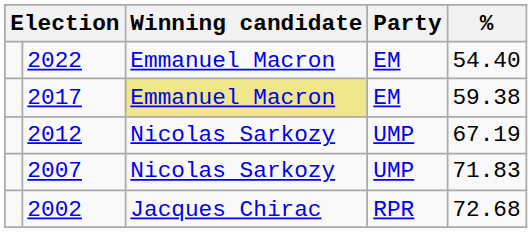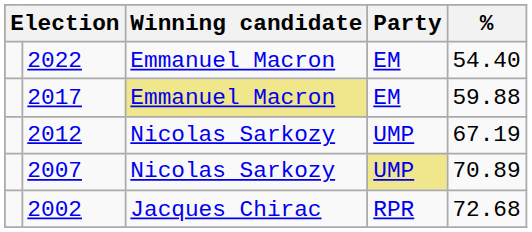 <table class="wikitable">
 <tr>
 <th colspan="2">Election</th>
 <th>Winning candidate</th>
 <th>Party</th>
 <th>%</th>
 </tr>
 <tr>
 <td style="background-color: "></td>
 <td><a href='#'>2022</a></td>
 <td><a href='#'>Emmanuel Macron</a></td>
 <td><a href='#'>EM</a></td>
 <td>54.40</td>
 </tr>
 <tr>
 <td style="background-color: "></td>
 <td><a href='#'>2017</a></td>
 <td style="background: khaki;"><a href='#'>Emmanuel Macron</a></td>
 <td><a href='#'>EM</a></td>
-<td>59.38</td>
+<td>59.88</td>
 </tr>
 <tr>
 <td style="background-color: "></td>
 <td><a href='#'>2012</a></td>
 <td><a href='#'>Nicolas Sarkozy</a></td>
 <td><a href='#'>UMP</a></td>
 <td>67.19</td>
 </tr>
 <tr>
 <td style="background-color: "></td>
 <td><a href='#'>2007</a></td>
 <td><a href='#'>Nicolas Sarkozy</a></td>
-<td><a href='#'>UMP</a></td>
-<td>71.83</td>
+<td style="background: khaki;"><a href='#'>UMP</a></td>
+<td>70.89</td>
 </tr>
 <tr>
 <td style="background-color: "></td>
 <td><a href='#'>2002</a></td>
 <td><a href='#'>Jacques Chirac</a></td>
 <td><a href='#'>RPR</a></td>
 <td>72.68</td>
 </tr>
 </table>
